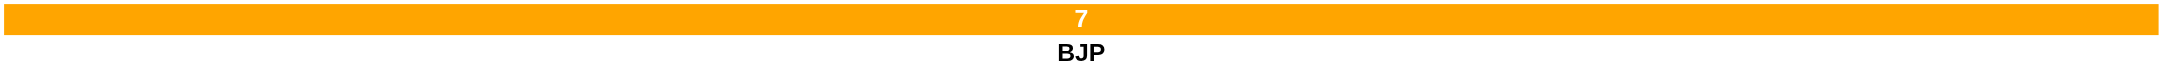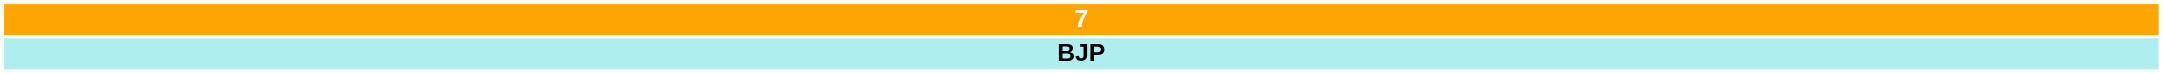 <table style="width:88%; text-align:center;">
 <tr style="color:white;">
 <td style="background:orange; width:100%;"><strong>7</strong></td>
 </tr>
 <tr>
-<td><span><strong>BJP</strong></span></td>
+<td style="background: paleturquoise;"><span><strong>BJP</strong></span></td>
 </tr>
 </table>
